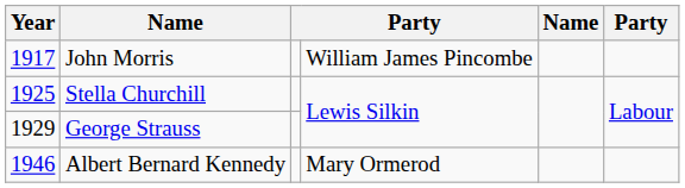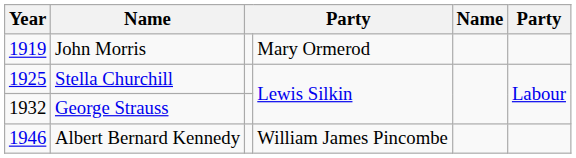 <table class="wikitable">
 <tr>
 <th>Year</th>
 <th>Name</th>
 <th colspan=2>Party</th>
 <th>Name</th>
 <th colspan=2>Party</th>
 </tr>
 <tr>
-<td><a href='#'>1917</a></td>
+<td><a href='#'>1919</a></td>
 <td>John Morris</td>
 <td></td>
-<td>William James Pincombe</td>
+<td>Mary Ormerod</td>
 <td></td>
 </tr>
 <tr>
 <td><a href='#'>1925</a></td>
 <td><a href='#'>Stella Churchill</a></td>
 <td></td>
 <td rowspan=2><a href='#'>Lewis Silkin</a></td>
 <td rowspan=2 style="background-color: "></td>
 <td rowspan=2><a href='#'>Labour</a></td>
 </tr>
 <tr>
-<td>1929</td>
+<td>1932</td>
 <td><a href='#'>George Strauss</a></td>
 <td></td>
 </tr>
 <tr>
 <td><a href='#'>1946</a></td>
 <td>Albert Bernard Kennedy</td>
 <td></td>
-<td>Mary Ormerod</td>
+<td>William James Pincombe</td>
 <td></td>
 </tr>
 </table>
